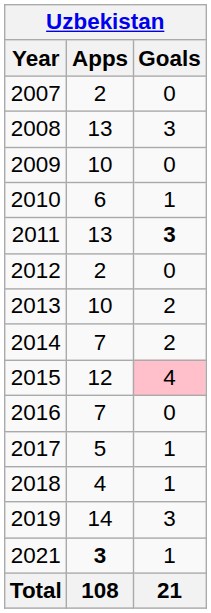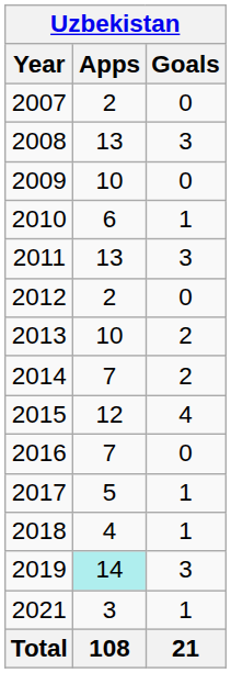 <table class="wikitable" style="text-align:center">
 <tr>
 <th colspan=3><a href='#'>Uzbekistan</a></th>
 </tr>
 <tr>
 <th>Year</th>
 <th>Apps</th>
 <th>Goals</th>
 </tr>
 <tr>
 <td>2007</td>
 <td>2</td>
 <td>0</td>
 </tr>
 <tr>
 <td>2008</td>
 <td>13</td>
 <td>3</td>
 </tr>
 <tr>
 <td>2009</td>
 <td>10</td>
 <td>0</td>
 </tr>
 <tr>
 <td>2010</td>
 <td>6</td>
 <td>1</td>
 </tr>
 <tr>
 <td>2011</td>
 <td>13</td>
-<td><strong>3</strong></td>
+<td>3</td>
 </tr>
 <tr>
 <td>2012</td>
 <td>2</td>
 <td>0</td>
 </tr>
 <tr>
 <td>2013</td>
 <td>10</td>
 <td>2</td>
 </tr>
 <tr>
 <td>2014</td>
 <td>7</td>
 <td>2</td>
 </tr>
 <tr>
 <td>2015</td>
 <td>12</td>
-<td style="background: pink;">4</td>
+<td>4</td>
 </tr>
 <tr>
 <td>2016</td>
 <td>7</td>
 <td>0</td>
 </tr>
 <tr>
 <td>2017</td>
 <td>5</td>
 <td>1</td>
 </tr>
 <tr>
 <td>2018</td>
 <td>4</td>
 <td>1</td>
 </tr>
 <tr>
 <td>2019</td>
-<td>14</td>
+<td style="background: paleturquoise;">14</td>
 <td>3</td>
 </tr>
 <tr>
 <td>2021</td>
-<td><strong>3</strong></td>
+<td>3</td>
 <td>1</td>
 </tr>
 <tr>
 <th>Total</th>
 <th>108</th>
 <th>21</th>
 </tr>
 </table>
